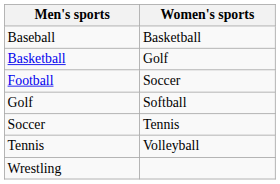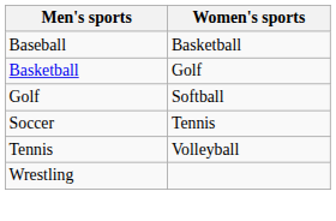 <table class="wikitable"; style= "text-align: ">
 <tr>
 <th width=150px>Men's sports</th>
 <th width=150px>Women's sports</th>
 </tr>
 <tr>
 <td>Baseball</td>
 <td>Basketball</td>
 </tr>
 <tr>
 <td><a href='#'>Basketball</a></td>
 <td>Golf</td>
-</tr>
-<tr>
-<td><a href='#'>Football</a></td>
-<td>Soccer</td>
 </tr>
 <tr>
 <td>Golf</td>
 <td>Softball</td>
 </tr>
 <tr>
 <td>Soccer</td>
 <td>Tennis</td>
 </tr>
 <tr>
 <td>Tennis</td>
 <td>Volleyball</td>
 </tr>
 <tr>
 <td>Wrestling</td>
 <td></td>
 </tr>
 </table>
